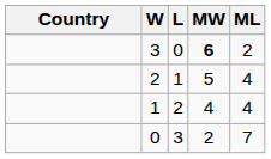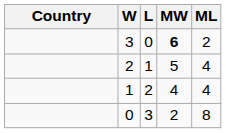 <table class="wikitable sortable" style="text-align:center">
 <tr>
 <th width=110>Country</th>
 <th>W</th>
 <th>L</th>
 <th>MW</th>
 <th>ML</th>
 </tr>
 <tr>
 <td align=left><strong></strong></td>
 <td>3</td>
 <td>0</td>
 <td><strong>6</strong></td>
 <td>2</td>
 </tr>
 <tr>
 <td align=left></td>
 <td>2</td>
 <td>1</td>
 <td>5</td>
 <td>4</td>
 </tr>
 <tr>
 <td align=left></td>
 <td>1</td>
 <td>2</td>
 <td>4</td>
 <td>4</td>
 </tr>
 <tr>
 <td align=left></td>
 <td>0</td>
 <td>3</td>
 <td>2</td>
-<td>7</td>
+<td>8</td>
 </tr>
 </table>
